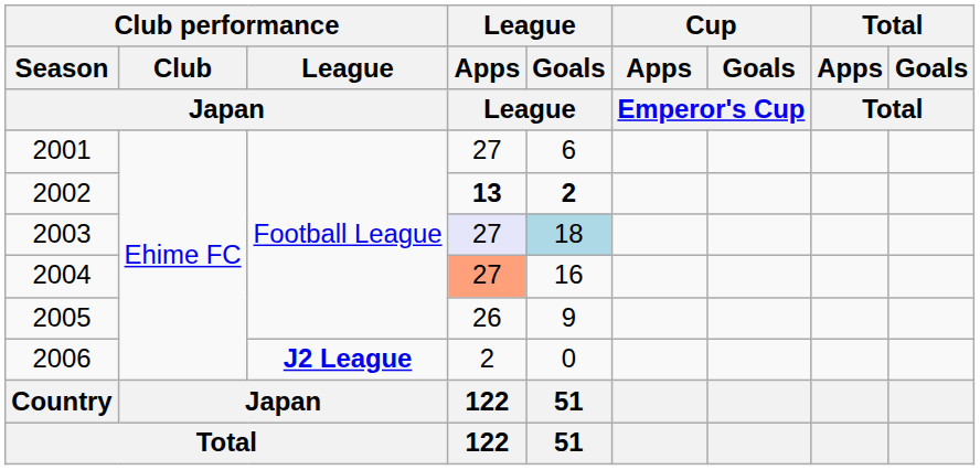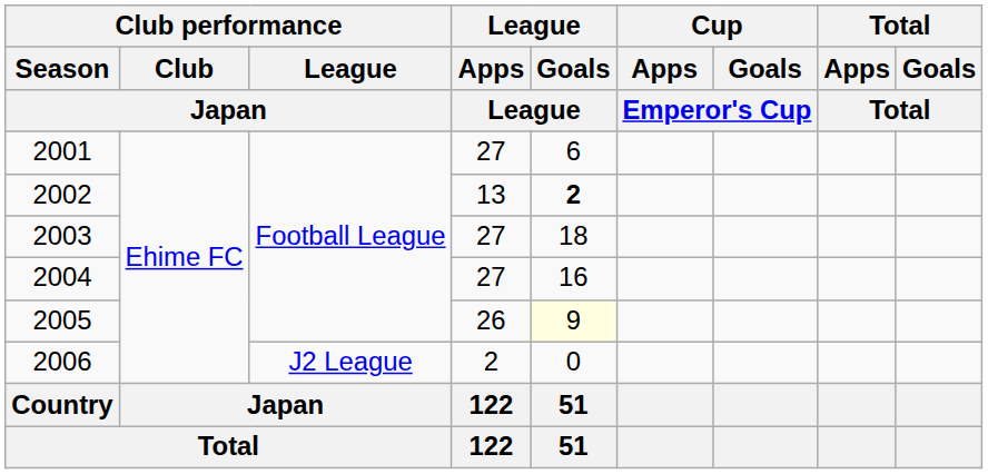 <table class="wikitable" style="text-align:center;">
 <tr>
 <th colspan=3>Club performance</th>
 <th colspan=2>League</th>
 <th colspan=2>Cup</th>
 <th colspan=2>Total</th>
 </tr>
 <tr>
 <th>Season</th>
 <th>Club</th>
 <th>League</th>
 <th>Apps</th>
 <th>Goals</th>
 <th>Apps</th>
 <th>Goals</th>
 <th>Apps</th>
 <th>Goals</th>
 </tr>
 <tr>
 <th colspan=3>Japan</th>
 <th colspan=2>League</th>
 <th colspan=2><a href='#'>Emperor's Cup</a></th>
 <th colspan=2>Total</th>
 </tr>
 <tr>
 <td>2001</td>
 <td rowspan="6"><a href='#'>Ehime FC</a></td>
 <td rowspan="5"><a href='#'>Football League</a></td>
 <td>27</td>
 <td>6</td>
 <td></td>
 <td></td>
 <td></td>
 <td></td>
 </tr>
 <tr>
 <td>2002</td>
-<td><strong>13</strong></td>
+<td>13</td>
 <td><strong>2</strong></td>
 <td></td>
 <td></td>
 <td></td>
 <td></td>
 </tr>
 <tr>
 <td>2003</td>
-<td style="background: lavender;">27</td>
-<td style="background: lightblue;">18</td>
+<td>27</td>
+<td>18</td>
 <td></td>
 <td></td>
 <td></td>
 <td></td>
 </tr>
 <tr>
 <td>2004</td>
-<td style="background: lightsalmon;">27</td>
+<td>27</td>
 <td>16</td>
 <td></td>
 <td></td>
 <td></td>
 <td></td>
 </tr>
 <tr>
 <td>2005</td>
 <td>26</td>
-<td>9</td>
+<td style="background: lightyellow;">9</td>
 <td></td>
 <td></td>
 <td></td>
 <td></td>
 </tr>
 <tr>
 <td>2006</td>
-<td><strong><a href='#'>J2 League</a></strong></td>
+<td><a href='#'>J2 League</a></td>
 <td>2</td>
 <td>0</td>
 <td></td>
 <td></td>
 <td></td>
 <td></td>
 </tr>
 <tr>
 <th rowspan=1>Country</th>
 <th colspan=2>Japan</th>
 <th>122</th>
 <th>51</th>
 <th></th>
 <th></th>
 <th></th>
 <th></th>
 </tr>
 <tr>
 <th colspan=3>Total</th>
 <th>122</th>
 <th>51</th>
 <th></th>
 <th></th>
 <th></th>
 <th></th>
 </tr>
 </table>
